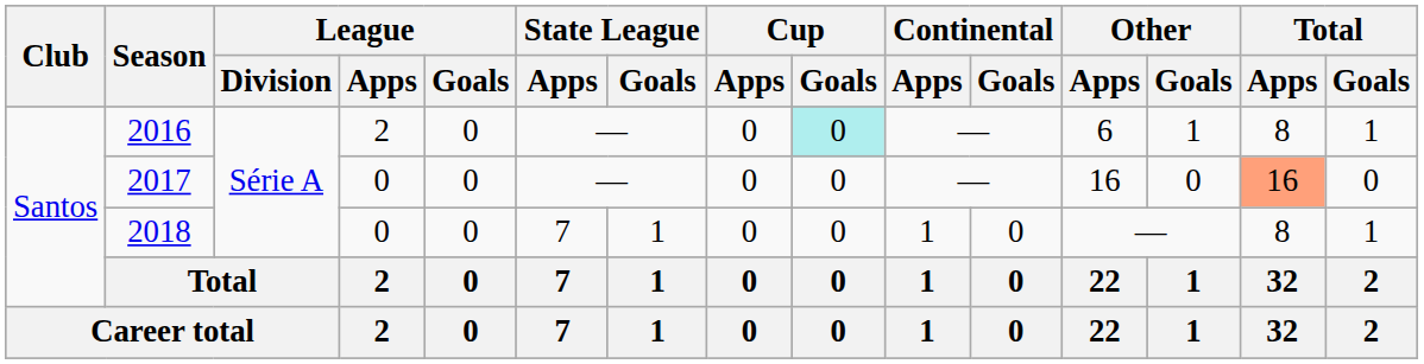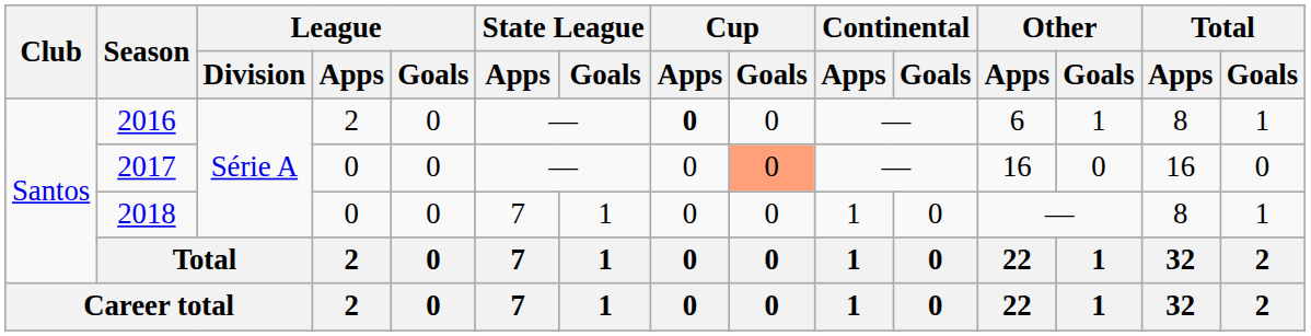 <table class="wikitable" style="text-align: center;">
 <tr>
 <th rowspan="2">Club</th>
 <th rowspan="2">Season</th>
 <th colspan="3">League</th>
 <th colspan="2">State League</th>
 <th colspan="2">Cup</th>
 <th colspan="2">Continental</th>
 <th colspan="2">Other</th>
 <th colspan="2">Total</th>
 </tr>
 <tr>
 <th>Division</th>
 <th>Apps</th>
 <th>Goals</th>
 <th>Apps</th>
 <th>Goals</th>
 <th>Apps</th>
 <th>Goals</th>
 <th>Apps</th>
 <th>Goals</th>
 <th>Apps</th>
 <th>Goals</th>
 <th>Apps</th>
 <th>Goals</th>
 </tr>
 <tr>
 <td rowspan="4" valign="center"><a href='#'>Santos</a></td>
 <td><a href='#'>2016</a></td>
 <td rowspan="3"><a href='#'>Série A</a></td>
 <td>2</td>
 <td>0</td>
 <td colspan="2">—</td>
+<td><strong>0</strong></td>
 <td>0</td>
-<td style="background: paleturquoise;">0</td>
 <td colspan="2">—</td>
 <td>6</td>
 <td>1</td>
 <td>8</td>
 <td>1</td>
 </tr>
 <tr>
 <td><a href='#'>2017</a></td>
 <td>0</td>
 <td>0</td>
 <td colspan="2">—</td>
 <td>0</td>
-<td>0</td>
+<td style="background: lightsalmon;">0</td>
 <td colspan="2">—</td>
 <td>16</td>
 <td>0</td>
-<td style="background: lightsalmon;">16</td>
+<td>16</td>
 <td>0</td>
 </tr>
 <tr>
 <td><a href='#'>2018</a></td>
 <td>0</td>
 <td>0</td>
 <td>7</td>
 <td>1</td>
 <td>0</td>
 <td>0</td>
 <td>1</td>
 <td>0</td>
 <td colspan="2">—</td>
 <td>8</td>
 <td>1</td>
 </tr>
 <tr>
 <th colspan="2">Total</th>
 <th>2</th>
 <th>0</th>
 <th>7</th>
 <th>1</th>
 <th>0</th>
 <th>0</th>
 <th>1</th>
 <th>0</th>
 <th>22</th>
 <th>1</th>
 <th>32</th>
 <th>2</th>
 </tr>
 <tr>
 <th colspan="3"><strong>Career total</strong></th>
 <th>2</th>
 <th>0</th>
 <th>7</th>
 <th>1</th>
 <th>0</th>
 <th>0</th>
 <th>1</th>
 <th>0</th>
 <th>22</th>
 <th>1</th>
 <th>32</th>
 <th>2</th>
 </tr>
 </table>
